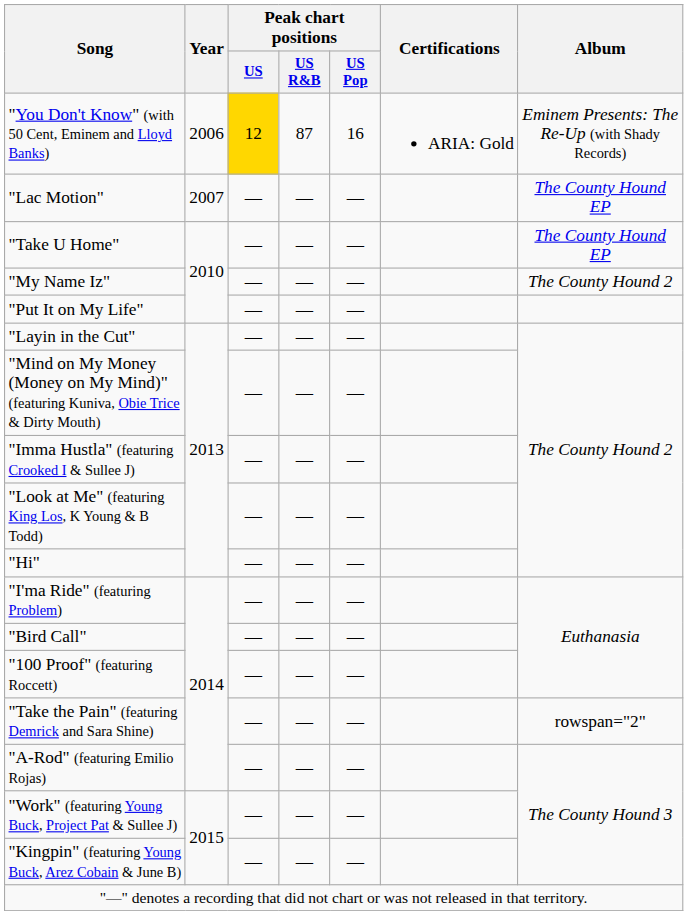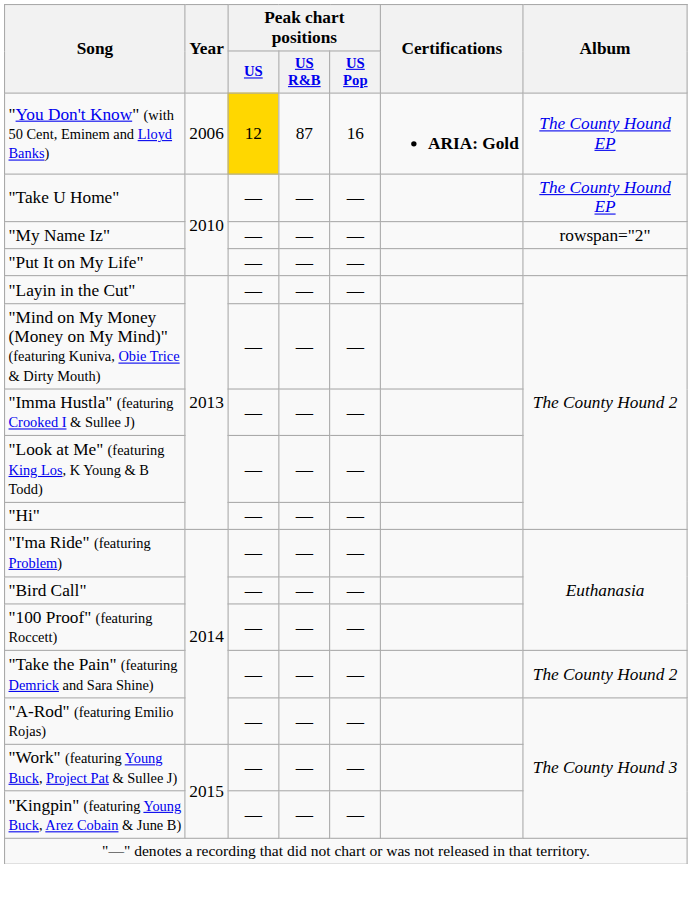 <table class="wikitable" style="text-align:center;">
 <tr>
 <th rowspan="2" style="width:160px;">Song</th>
 <th rowspan="2" style="width:10px;">Year</th>
 <th colspan="3">Peak chart positions</th>
 <th rowspan="2">Certifications</th>
 <th rowspan="2" style="width:145px;">Album</th>
 </tr>
 <tr>
 <th style="width:3em; font-size:85%"><a href='#'>US</a></th>
 <th style="width:3em; font-size:85%"><a href='#'>US<br>R&B</a></th>
 <th style="width:3em; font-size:85%"><a href='#'>US<br>Pop</a></th>
 </tr>
 <tr>
 <td style="text-align:left;">"<a href='#'>You Don't Know</a>" <small>(with 50 Cent, Eminem and <a href='#'>Lloyd Banks</a>)</small></td>
 <td>2006</td>
 <td style="background: gold;">12</td>
 <td>87</td>
 <td>16</td>
-<td><br><ul><li>ARIA: Gold</li></ul></td>
-<td><em>Eminem Presents: The Re-Up</em> <small>(with Shady Records)</small></td>
-</tr>
-<tr>
-<td style="text-align:left;">"Lac Motion"</td>
-<td>2007</td>
-<td>—</td>
-<td>—</td>
-<td>—</td>
-<td></td>
+<td><strong><br><ul><li>ARIA: Gold</li></ul></strong></td>
 <td><em><a href='#'>The County Hound EP</a></em></td>
 </tr>
 <tr>
 <td style="text-align:left;">"Take U Home" </td>
 <td rowspan="3">2010</td>
 <td>—</td>
 <td>—</td>
 <td>—</td>
 <td></td>
 <td><em><a href='#'>The County Hound EP</a></em></td>
 </tr>
 <tr>
 <td style="text-align:left;">"My Name Iz"</td>
 <td>—</td>
 <td>—</td>
 <td>—</td>
 <td></td>
-<td><em>The County Hound 2</em></td>
+<td>rowspan="2" </td>
 </tr>
 <tr>
 <td style="text-align:left;">"Put It on My Life"</td>
 <td>—</td>
 <td>—</td>
 <td>—</td>
 <td></td>
 </tr>
 <tr>
 <td style="text-align:left;">"Layin in the Cut" </td>
 <td rowspan="5">2013</td>
 <td>—</td>
 <td>—</td>
 <td>—</td>
 <td></td>
 <td rowspan="5"><em>The County Hound 2</em></td>
 </tr>
 <tr>
 <td style="text-align:left;">"Mind on My Money (Money on My Mind)" <small>(featuring Kuniva, <a href='#'>Obie Trice</a> & Dirty Mouth)</small></td>
 <td>—</td>
 <td>—</td>
 <td>—</td>
 <td></td>
 </tr>
 <tr>
 <td style="text-align:left;">"Imma Hustla" <small>(featuring <a href='#'>Crooked I</a> & Sullee J)</small></td>
 <td>—</td>
 <td>—</td>
 <td>—</td>
 <td></td>
 </tr>
 <tr>
 <td style="text-align:left;">"Look at Me" <small>(featuring <a href='#'>King Los</a>, K Young & B Todd)</small></td>
 <td>—</td>
 <td>—</td>
 <td>—</td>
 <td></td>
 </tr>
 <tr>
 <td style="text-align:left;">"Hi" </td>
 <td>—</td>
 <td>—</td>
 <td>—</td>
 <td></td>
 </tr>
 <tr>
 <td style="text-align:left;">"I'ma Ride" <small>(featuring <a href='#'>Problem</a>)</small></td>
 <td rowspan="5">2014</td>
 <td>—</td>
 <td>—</td>
 <td>—</td>
 <td></td>
 <td rowspan="3"><em>Euthanasia</em></td>
 </tr>
 <tr>
 <td style="text-align:left;">"Bird Call"</td>
 <td>—</td>
 <td>—</td>
 <td>—</td>
 <td></td>
 </tr>
 <tr>
 <td style="text-align:left;">"100 Proof" <small>(featuring Roccett)</small></td>
 <td>—</td>
 <td>—</td>
 <td>—</td>
 <td></td>
 </tr>
 <tr>
 <td style="text-align:left;">"Take the Pain" <small>(featuring <a href='#'>Demrick</a> and Sara Shine)</small></td>
 <td>—</td>
 <td>—</td>
 <td>—</td>
 <td></td>
-<td>rowspan="2" </td>
+<td><em>The County Hound 2</em></td>
 </tr>
 <tr>
 <td style="text-align:left;">"A-Rod" <small>(featuring Emilio Rojas)</small></td>
 <td>—</td>
 <td>—</td>
 <td>—</td>
 <td></td>
 <td rowspan="3"><em>The County Hound 3</em></td>
 </tr>
 <tr>
 <td style="text-align:left;">"Work" <small>(featuring <a href='#'>Young Buck</a>, <a href='#'>Project Pat</a> & Sullee J)</small></td>
 <td rowspan="2">2015</td>
 <td>—</td>
 <td>—</td>
 <td>—</td>
 <td></td>
 </tr>
 <tr>
 <td style="text-align:left;">"Kingpin" <small>(featuring <a href='#'>Young Buck</a>, <a href='#'>Arez Cobain</a> & June B)</small></td>
 <td>—</td>
 <td>—</td>
 <td>—</td>
 <td></td>
 </tr>
 <tr>
 <td colspan="7" style="font-size:90%">"—" denotes a recording that did not chart or was not released in that territory.</td>
 </tr>
 </table>
